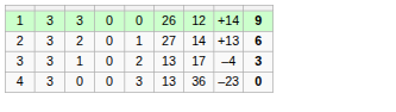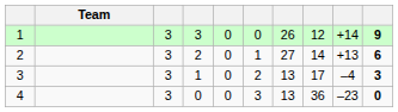 <table class="wikitable" style="text-align: center; font-size: 100%;">
 <tr>
 <th width="30"></th>
+<th width="140">Team</th>
 <th width="30"></th>
 <th width="30"></th>
 <th width="30"></th>
 <th width="30"></th>
 <th width="30"></th>
 <th width="30"></th>
 <th width="30"></th>
 <th width="30"></th>
 </tr>
 <tr style="background-color: #ccffcc;">
 <td>1</td>
+<td align=left><strong></strong></td>
 <td>3</td>
 <td>3</td>
 <td>0</td>
 <td>0</td>
 <td>26</td>
 <td>12</td>
 <td>+14</td>
 <td><strong>9</strong></td>
 </tr>
 <tr>
 <td>2</td>
+<td align=left></td>
 <td>3</td>
 <td>2</td>
 <td>0</td>
 <td>1</td>
 <td>27</td>
 <td>14</td>
 <td>+13</td>
 <td><strong>6</strong></td>
 </tr>
 <tr>
 <td>3</td>
+<td align=left></td>
 <td>3</td>
 <td>1</td>
 <td>0</td>
 <td>2</td>
 <td>13</td>
 <td>17</td>
 <td>–4</td>
 <td><strong>3</strong></td>
 </tr>
 <tr>
 <td>4</td>
+<td align=left></td>
 <td>3</td>
 <td>0</td>
 <td>0</td>
 <td>3</td>
 <td>13</td>
 <td>36</td>
 <td>–23</td>
 <td><strong>0</strong></td>
 </tr>
 </table>
